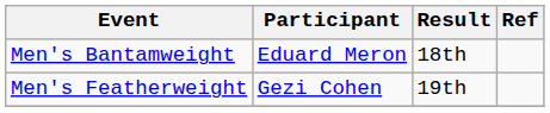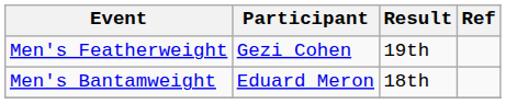 <table class="wikitable" style="font-size: 95%;">
 <tr>
 <th>Event</th>
 <th>Participant</th>
 <th>Result</th>
 <th>Ref</th>
 </tr>
 <tr>
+<td><a href='#'>Men's Featherweight</a></td>
+<td><a href='#'>Gezi Cohen</a></td>
+<td>19th</td>
+<td></td>
+</tr>
+<tr>
 <td><a href='#'>Men's Bantamweight</a></td>
 <td><a href='#'>Eduard Meron</a></td>
 <td>18th</td>
 <td></td>
 </tr>
 <tr>
-<td><a href='#'>Men's Featherweight</a></td>
-<td><a href='#'>Gezi Cohen</a></td>
-<td>19th</td>
-<td></td>
-</tr>
-<tr>
 </tr>
 </table>
